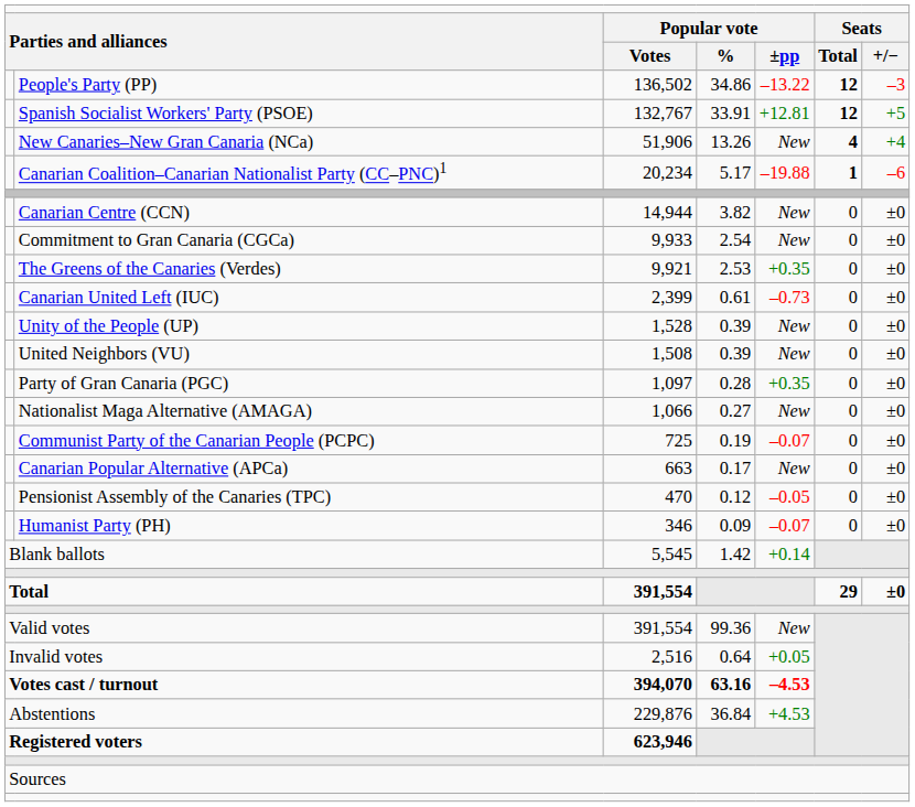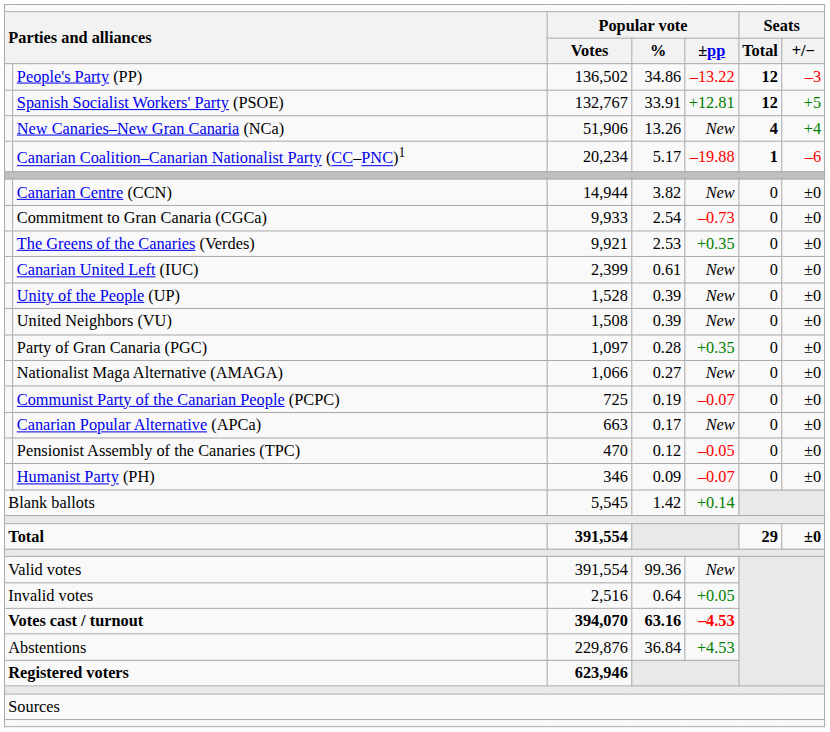 <table class="wikitable" style="text-align:right;">
 <tr>
 <td colspan="7"></td>
 </tr>
 <tr>
 <th style="text-align:left;" rowspan="2" colspan="2" width="525">Parties and alliances</th>
 <th colspan="3">Popular vote</th>
 <th colspan="2">Seats</th>
 </tr>
 <tr>
 <th width="75">Votes</th>
 <th width="45">%</th>
 <th width="45">±<a href='#'>pp</a></th>
 <th width="35">Total</th>
 <th width="35">+/−</th>
 </tr>
 <tr>
 <td width="1" style="color:inherit;background:"></td>
 <td align="left"><a href='#'>People's Party</a> (PP)</td>
 <td>136,502</td>
 <td>34.86</td>
 <td style="color:red;">–13.22</td>
 <td><strong>12</strong></td>
 <td style="color:red;">–3</td>
 </tr>
 <tr>
 <td style="color:inherit;background:"></td>
 <td align="left"><a href='#'>Spanish Socialist Workers' Party</a> (PSOE)</td>
 <td>132,767</td>
 <td>33.91</td>
 <td style="color:green;">+12.81</td>
 <td><strong>12</strong></td>
 <td style="color:green;">+5</td>
 </tr>
 <tr>
 <td style="color:inherit;background:"></td>
 <td align="left"><a href='#'>New Canaries–New Gran Canaria</a> (NCa)</td>
 <td>51,906</td>
 <td>13.26</td>
 <td><em>New</em></td>
 <td><strong>4</strong></td>
 <td style="color:green;">+4</td>
 </tr>
 <tr>
 <td style="color:inherit;background:"></td>
 <td align="left"><a href='#'>Canarian Coalition–Canarian Nationalist Party</a> (<a href='#'>CC</a>–<a href='#'>PNC</a>)<sup>1</sup></td>
 <td>20,234</td>
 <td>5.17</td>
 <td style="color:red;">–19.88</td>
 <td><strong>1</strong></td>
 <td style="color:red;">–6</td>
 </tr>
 <tr>
 <td colspan="7" bgcolor="#C0C0C0"></td>
 </tr>
 <tr>
 <td style="color:inherit;background:"></td>
 <td align="left"><a href='#'>Canarian Centre</a> (CCN)</td>
 <td>14,944</td>
 <td>3.82</td>
 <td><em>New</em></td>
 <td>0</td>
 <td>±0</td>
 </tr>
 <tr>
 <td style="color:inherit;background:"></td>
 <td align="left">Commitment to Gran Canaria (CGCa)</td>
 <td>9,933</td>
 <td>2.54</td>
-<td><em>New</em></td>
+<td style="color:red;">–0.73</td>
 <td>0</td>
 <td>±0</td>
 </tr>
 <tr>
 <td style="color:inherit;background:"></td>
 <td align="left"><a href='#'>The Greens of the Canaries</a> (Verdes)</td>
 <td>9,921</td>
 <td>2.53</td>
 <td style="color:green;">+0.35</td>
 <td>0</td>
 <td>±0</td>
 </tr>
 <tr>
 <td style="color:inherit;background:"></td>
 <td align="left"><a href='#'>Canarian United Left</a> (IUC)</td>
 <td>2,399</td>
 <td>0.61</td>
-<td style="color:red;">–0.73</td>
+<td><em>New</em></td>
 <td>0</td>
 <td>±0</td>
 </tr>
 <tr>
 <td style="color:inherit;background:"></td>
 <td align="left"><a href='#'>Unity of the People</a> (UP)</td>
 <td>1,528</td>
 <td>0.39</td>
 <td><em>New</em></td>
 <td>0</td>
 <td>±0</td>
 </tr>
 <tr>
 <td style="color:inherit;background:"></td>
 <td align="left">United Neighbors (VU)</td>
 <td>1,508</td>
 <td>0.39</td>
 <td><em>New</em></td>
 <td>0</td>
 <td>±0</td>
 </tr>
 <tr>
 <td style="color:inherit;background:"></td>
 <td align="left">Party of Gran Canaria (PGC)</td>
 <td>1,097</td>
 <td>0.28</td>
 <td style="color:green;">+0.35</td>
 <td>0</td>
 <td>±0</td>
 </tr>
 <tr>
 <td style="color:inherit;background:"></td>
 <td align="left">Nationalist Maga Alternative (AMAGA)</td>
 <td>1,066</td>
 <td>0.27</td>
 <td><em>New</em></td>
 <td>0</td>
 <td>±0</td>
 </tr>
 <tr>
 <td style="color:inherit;background:"></td>
 <td align="left"><a href='#'>Communist Party of the Canarian People</a> (PCPC)</td>
 <td>725</td>
 <td>0.19</td>
 <td style="color:red;">–0.07</td>
 <td>0</td>
 <td>±0</td>
 </tr>
 <tr>
 <td style="color:inherit;background:"></td>
 <td align="left"><a href='#'>Canarian Popular Alternative</a> (APCa)</td>
 <td>663</td>
 <td>0.17</td>
 <td><em>New</em></td>
 <td>0</td>
 <td>±0</td>
 </tr>
 <tr>
 <td style="color:inherit;background:"></td>
 <td align="left">Pensionist Assembly of the Canaries (TPC)</td>
 <td>470</td>
 <td>0.12</td>
 <td style="color:red;">–0.05</td>
 <td>0</td>
 <td>±0</td>
 </tr>
 <tr>
 <td style="color:inherit;background:"></td>
 <td align="left"><a href='#'>Humanist Party</a> (PH)</td>
 <td>346</td>
 <td>0.09</td>
 <td style="color:red;">–0.07</td>
 <td>0</td>
 <td>±0</td>
 </tr>
 <tr>
 <td align="left" colspan="2">Blank ballots</td>
 <td>5,545</td>
 <td>1.42</td>
 <td style="color:green;">+0.14</td>
 <td bgcolor="#E9E9E9" colspan="2"></td>
 </tr>
 <tr>
 <td colspan="7" bgcolor="#E9E9E9"></td>
 </tr>
 <tr style="font-weight:bold;">
 <td align="left" colspan="2">Total</td>
 <td>391,554</td>
 <td bgcolor="#E9E9E9" colspan="2"></td>
 <td>29</td>
 <td>±0</td>
 </tr>
 <tr>
 <td colspan="7" bgcolor="#E9E9E9"></td>
 </tr>
 <tr>
 <td align="left" colspan="2">Valid votes</td>
 <td>391,554</td>
 <td>99.36</td>
 <td><em>New</em></td>
 <td bgcolor="#E9E9E9" colspan="2" rowspan="5"></td>
 </tr>
 <tr>
 <td align="left" colspan="2">Invalid votes</td>
 <td>2,516</td>
 <td>0.64</td>
 <td style="color:green;">+0.05</td>
 </tr>
 <tr style="font-weight:bold;">
 <td align="left" colspan="2">Votes cast / turnout</td>
 <td>394,070</td>
 <td>63.16</td>
 <td style="color:red;">–4.53</td>
 </tr>
 <tr>
 <td align="left" colspan="2">Abstentions</td>
 <td>229,876</td>
 <td>36.84</td>
 <td style="color:green;">+4.53</td>
 </tr>
 <tr style="font-weight:bold;">
 <td align="left" colspan="2">Registered voters</td>
 <td>623,946</td>
 <td bgcolor="#E9E9E9" colspan="2"></td>
 </tr>
 <tr>
 <td colspan="7" bgcolor="#E9E9E9"></td>
 </tr>
 <tr>
 <td align="left" colspan="7">Sources</td>
 </tr>
 <tr>
 <td colspan="7" style="text-align:left; max-width:790px;"></td>
 </tr>
 </table>
